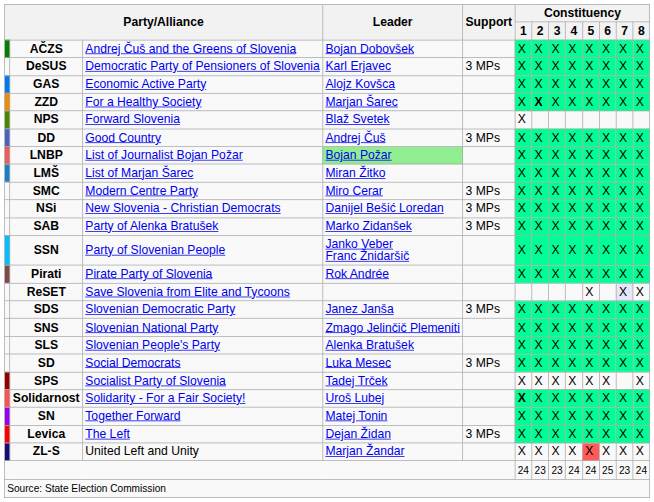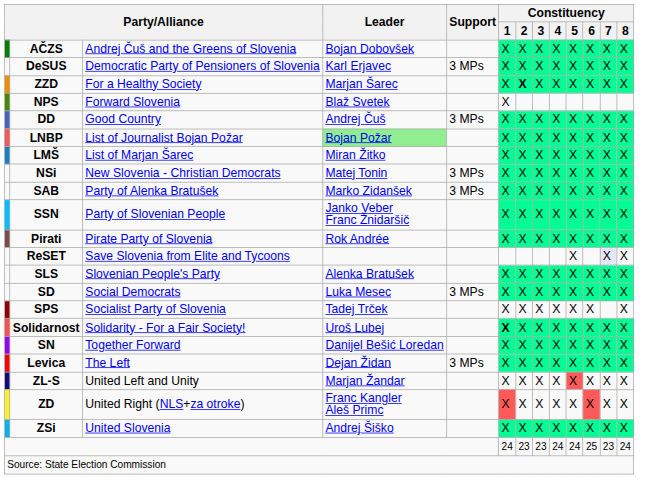 <table class="wikitable collapsible collapsed" style="line-height:16px;">
 <tr>
 <th colspan="3" rowspan="2">Party/Alliance</th>
 <th rowspan="2">Leader</th>
 <th rowspan="2">Support</th>
 <th colspan="8">Constituency</th>
 </tr>
 <tr>
 <th>1</th>
 <th>2</th>
 <th>3</th>
 <th>4</th>
 <th>5</th>
 <th>6</th>
 <th>7</th>
 <th>8</th>
 </tr>
 <tr>
 <td style="background:green"></td>
 <td style="text-align:center;"><strong>AČZS</strong></td>
 <td><a href='#'>Andrej Čuš and the Greens of Slovenia</a><br></td>
 <td><a href='#'>Bojan Dobovšek</a></td>
 <td></td>
 <td style="background:#00FE95">X</td>
 <td style="background:#00FE95">X</td>
 <td style="background:#00FE95">X</td>
 <td style="background:#00FE95">X</td>
 <td style="background:#00FE95">X</td>
 <td style="background:#00FE95">X</td>
 <td style="background:#00FE95">X</td>
 <td style="background:#00FE95">X</td>
 </tr>
 <tr>
 <td style="background:"></td>
 <td style="text-align:center;"><strong>DeSUS</strong></td>
 <td><a href='#'>Democratic Party of Pensioners of Slovenia</a><br></td>
 <td><a href='#'>Karl Erjavec</a></td>
 <td>3 MPs</td>
-<td style="background:#00FE95">X</td>
-<td style="background:#00FE95">X</td>
-<td style="background:#00FE95">X</td>
-<td style="background:#00FE95">X</td>
-<td style="background:#00FE95">X</td>
-<td style="background:#00FE95">X</td>
-<td style="background:#00FE95">X</td>
-<td style="background:#00FE95">X</td>
-</tr>
-<tr>
-<td style="background:#007bef"></td>
-<td style="text-align:center;"><strong>GAS</strong></td>
-<td><a href='#'>Economic Active Party</a><br></td>
-<td><a href='#'>Alojz Kovšca</a></td>
-<td></td>
 <td style="background:#00FE95">X</td>
 <td style="background:#00FE95">X</td>
 <td style="background:#00FE95">X</td>
 <td style="background:#00FE95">X</td>
 <td style="background:#00FE95">X</td>
 <td style="background:#00FE95">X</td>
 <td style="background:#00FE95">X</td>
 <td style="background:#00FE95">X</td>
 </tr>
 <tr>
 <td style="background:#ef8c00"></td>
 <td style="text-align:center;"><strong>ZZD</strong></td>
 <td><a href='#'>For a Healthy Society</a><br></td>
 <td><a href='#'>Marjan Šarec</a></td>
 <td></td>
 <td style="background:#00FE95">X</td>
 <td style="background:#00FE95"><strong>X</strong></td>
 <td style="background:#00FE95">X</td>
 <td style="background:#00FE95">X</td>
 <td style="background:#00FE95">X</td>
 <td style="background:#00FE95">X</td>
 <td style="background:#00FE95">X</td>
 <td style="background:#00FE95">X</td>
 </tr>
 <tr>
 <td style="background:#488700"></td>
 <td style="text-align:center;"><strong>NPS</strong></td>
 <td><a href='#'>Forward Slovenia</a><br></td>
 <td><a href='#'>Blaž Svetek</a></td>
 <td></td>
 <td>X</td>
 <td></td>
 <td></td>
 <td></td>
 <td></td>
 <td></td>
 <td></td>
 <td></td>
 </tr>
 <tr>
 <td style="background:#4961c1"></td>
 <td style="text-align:center;"><strong>DD</strong></td>
 <td><a href='#'>Good Country</a><br></td>
 <td><a href='#'>Andrej Čuš</a></td>
 <td>3 MPs</td>
 <td style="background:#00FE95">X</td>
 <td style="background:#00FE95">X</td>
 <td style="background:#00FE95">X</td>
 <td style="background:#00FE95">X</td>
 <td style="background:#00FE95">X</td>
 <td style="background:#00FE95">X</td>
 <td style="background:#00FE95">X</td>
 <td style="background:#00FE95">X</td>
 </tr>
 <tr>
 <td style="background:#f45858"></td>
 <td style="text-align:center;"><strong>LNBP</strong></td>
 <td><a href='#'>List of Journalist Bojan Požar</a><br></td>
 <td style="background: lightgreen;"><a href='#'>Bojan Požar</a></td>
 <td></td>
 <td style="background:#00FE95">X</td>
 <td style="background:#00FE95">X</td>
 <td style="background:#00FE95">X</td>
 <td style="background:#00FE95">X</td>
 <td style="background:#00FE95">X</td>
 <td style="background:#00FE95">X</td>
 <td style="background:#00FE95">X</td>
 <td style="background:#00FE95">X</td>
 </tr>
 <tr>
 <td style="background:#1980C7"></td>
 <td style="text-align:center;"><strong>LMŠ</strong></td>
 <td><a href='#'>List of Marjan Šarec</a><br></td>
 <td><a href='#'>Miran Žitko</a></td>
 <td></td>
 <td style="background:#00FE95">X</td>
 <td style="background:#00FE95">X</td>
 <td style="background:#00FE95">X</td>
 <td style="background:#00FE95">X</td>
 <td style="background:#00FE95">X</td>
 <td style="background:#00FE95">X</td>
 <td style="background:#00FE95">X</td>
 <td style="background:#00FE95">X</td>
 </tr>
 <tr>
 <td style="background:"></td>
-<td style="text-align:center;"><strong>SMC</strong></td>
-<td><a href='#'>Modern Centre Party</a><br></td>
-<td><a href='#'>Miro Cerar</a></td>
-<td>3 MPs</td>
-<td style="background:#00FE95">X</td>
-<td style="background:#00FE95">X</td>
-<td style="background:#00FE95">X</td>
-<td style="background:#00FE95">X</td>
-<td style="background:#00FE95">X</td>
-<td style="background:#00FE95">X</td>
-<td style="background:#00FE95">X</td>
-<td style="background:#00FE95">X</td>
-</tr>
-<tr>
-<td style="background:"></td>
 <td style="text-align:center;"><strong>NSi</strong></td>
 <td><a href='#'>New Slovenia - Christian Democrats</a><br></td>
-<td><a href='#'>Danijel Bešić Loredan</a></td>
+<td><a href='#'>Matej Tonin</a></td>
 <td>3 MPs</td>
 <td style="background:#00FE95">X</td>
 <td style="background:#00FE95">X</td>
 <td style="background:#00FE95">X</td>
 <td style="background:#00FE95">X</td>
 <td style="background:#00FE95">X</td>
 <td style="background:#00FE95">X</td>
 <td style="background:#00FE95">X</td>
 <td style="background:#00FE95">X</td>
 </tr>
 <tr>
 <td style="background:"></td>
 <td style="text-align:center;"><strong>SAB</strong></td>
 <td><a href='#'>Party of Alenka Bratušek</a><br></td>
 <td><a href='#'>Marko Zidanšek</a></td>
 <td>3 MPs</td>
 <td style="background:#00FE95">X</td>
 <td style="background:#00FE95">X</td>
 <td style="background:#00FE95">X</td>
 <td style="background:#00FE95">X</td>
 <td style="background:#00FE95">X</td>
 <td style="background:#00FE95">X</td>
 <td style="background:#00FE95">X</td>
 <td style="background:#00FE95">X</td>
 </tr>
 <tr>
 <td style="background:#00BFFF"></td>
 <td style="text-align:center;"><strong>SSN</strong></td>
 <td><a href='#'>Party of Slovenian People</a><br></td>
 <td><a href='#'>Janko Veber</a><br><a href='#'>Franc Žnidaršič</a></td>
 <td></td>
 <td style="background:#00FE95">X</td>
 <td style="background:#00FE95">X</td>
 <td style="background:#00FE95">X</td>
 <td style="background:#00FE95">X</td>
 <td style="background:#00FE95">X</td>
 <td style="background:#00FE95">X</td>
 <td style="background:#00FE95">X</td>
 <td style="background:#00FE95">X</td>
 </tr>
 <tr>
 <td style="background:#7D4A48"></td>
 <td style="text-align:center;"><strong>Pirati</strong></td>
 <td><a href='#'>Pirate Party of Slovenia</a><br></td>
 <td><a href='#'>Rok Andrée</a></td>
 <td></td>
 <td style="background:#00FE95">X</td>
 <td style="background:#00FE95">X</td>
 <td style="background:#00FE95">X</td>
 <td style="background:#00FE95">X</td>
 <td style="background:#00FE95">X</td>
 <td style="background:#00FE95">X</td>
 <td style="background:#00FE95">X</td>
 <td style="background:#00FE95">X</td>
 </tr>
 <tr>
 <td></td>
 <td style="text-align:center;"><strong>ReSET</strong></td>
 <td><a href='#'>Save Slovenia from Elite and Tycoons</a><br></td>
 <td></td>
 <td></td>
 <td></td>
 <td></td>
 <td></td>
 <td></td>
 <td>X</td>
 <td></td>
 <td style="background: lavender;">X</td>
 <td>X</td>
 </tr>
 <tr>
 <td style="background:"></td>
-<td style="text-align:center;"><strong>SDS</strong></td>
-<td><a href='#'>Slovenian Democratic Party</a><br></td>
-<td><a href='#'>Janez Janša</a></td>
-<td>3 MPs</td>
-<td style="background:#00FE95">X</td>
-<td style="background:#00FE95">X</td>
-<td style="background:#00FE95">X</td>
-<td style="background:#00FE95">X</td>
-<td style="background:#00FE95">X</td>
-<td style="background:#00FE95">X</td>
-<td style="background:#00FE95">X</td>
-<td style="background:#00FE95">X</td>
-</tr>
-<tr>
-<td style="background:"></td>
-<td style="text-align:center;"><strong>SNS</strong></td>
-<td><a href='#'>Slovenian National Party</a><br></td>
-<td><a href='#'>Zmago Jelinčič Plemeniti</a></td>
-<td></td>
-<td style="background:#00FE95">X</td>
-<td style="background:#00FE95">X</td>
-<td style="background:#00FE95">X</td>
-<td style="background:#00FE95">X</td>
-<td style="background:#00FE95">X</td>
-<td style="background:#00FE95">X</td>
-<td style="background:#00FE95">X</td>
-<td style="background:#00FE95">X</td>
-</tr>
-<tr>
-<td style="background:"></td>
 <td style="text-align:center;"><strong>SLS</strong></td>
 <td><a href='#'>Slovenian People's Party</a><br></td>
 <td><a href='#'>Alenka Bratušek</a></td>
 <td></td>
 <td style="background:#00FE95">X</td>
 <td style="background:#00FE95">X</td>
 <td style="background:#00FE95">X</td>
 <td style="background:#00FE95">X</td>
 <td style="background:#00FE95">X</td>
 <td style="background:#00FE95">X</td>
 <td style="background:#00FE95">X</td>
 <td style="background:#00FE95">X</td>
 </tr>
 <tr>
 <td style="background:"></td>
 <td style="text-align:center;"><strong>SD</strong></td>
 <td><a href='#'>Social Democrats</a><br></td>
 <td><a href='#'>Luka Mesec</a></td>
 <td>3 MPs</td>
 <td style="background:#00FE95">X</td>
 <td style="background:#00FE95">X</td>
 <td style="background:#00FE95">X</td>
 <td style="background:#00FE95">X</td>
 <td style="background:#00FE95">X</td>
 <td style="background:#00FE95">X</td>
 <td style="background:#00FE95">X</td>
 <td style="background:#00FE95">X</td>
 </tr>
 <tr>
 <td style="background:#950000"></td>
 <td style="text-align:center;"><strong>SPS</strong></td>
 <td><a href='#'>Socialist Party of Slovenia</a><br></td>
 <td><a href='#'>Tadej Trček</a></td>
 <td></td>
 <td>X</td>
 <td>X</td>
 <td>X</td>
 <td>X</td>
 <td>X</td>
 <td>X</td>
 <td></td>
 <td>X</td>
 </tr>
 <tr>
 <td style="background:#ff5151"></td>
 <td style="text-align:center;"><strong>Solidarnost</strong></td>
 <td><a href='#'>Solidarity - For a Fair Society!</a><br></td>
 <td><a href='#'>Uroš Lubej</a></td>
 <td></td>
 <td style="background:#00FE95"><strong>X</strong></td>
 <td style="background:#00FE95">X</td>
 <td style="background:#00FE95">X</td>
 <td style="background:#00FE95">X</td>
 <td style="background:#00FE95">X</td>
 <td style="background:#00FE95">X</td>
 <td style="background:#00FE95">X</td>
 <td style="background:#00FE95">X</td>
 </tr>
 <tr>
 <td style="background:#9800ef"></td>
 <td style="text-align:center;"><strong>SN</strong></td>
 <td><a href='#'>Together Forward</a><br></td>
-<td><a href='#'>Matej Tonin</a></td>
+<td><a href='#'>Danijel Bešić Loredan</a></td>
 <td></td>
 <td style="background:#00FE95">X</td>
 <td style="background:#00FE95">X</td>
 <td style="background:#00FE95">X</td>
 <td style="background:#00FE95">X</td>
 <td style="background:#00FE95">X</td>
 <td style="background:#00FE95">X</td>
 <td style="background:#00FE95">X</td>
 <td style="background:#00FE95">X</td>
 </tr>
 <tr>
 <td style="background:red"></td>
 <td style="text-align:center;"><strong>Levica</strong></td>
 <td><a href='#'>The Left</a><br></td>
 <td><a href='#'>Dejan Židan</a></td>
 <td>3 MPs</td>
 <td style="background:#00FE95">X</td>
 <td style="background:#00FE95">X</td>
 <td style="background:#00FE95">X</td>
 <td style="background:#00FE95">X</td>
 <td style="background:#00FE95">X</td>
 <td style="background:#00FE95">X</td>
 <td style="background:#00FE95">X</td>
 <td style="background:#00FE95">X</td>
 </tr>
 <tr>
 <td style="background:#150c7c"></td>
 <td style="text-align:center;"><strong>ZL-S</strong></td>
 <td>United Left and Unity<br></td>
 <td><a href='#'>Marjan Žandar</a></td>
 <td></td>
 <td>X</td>
 <td>X</td>
 <td>X</td>
 <td>X</td>
 <td style="background:#ff5959">X</td>
 <td>X</td>
 <td>X</td>
 <td>X</td>
 </tr>
 <tr>
+<td style="background:#FEEF2C"></td>
+<td style="text-align:center;"><strong>ZD</strong></td>
+<td>United Right (<a href='#'>NLS</a>+<a href='#'>za otroke</a>)<br></td>
+<td><a href='#'>Franc Kangler</a><br><a href='#'>Aleš Primc</a></td>
+<td></td>
+<td style="background:#ff5959">X</td>
+<td>X</td>
+<td>X</td>
+<td>X</td>
+<td>X</td>
+<td style="background:#ff5959">X</td>
+<td>X</td>
+<td>X</td>
+</tr>
+<tr>
+<td style="background:#00b3ef"></td>
+<td style="text-align:center;"><strong>ZSi</strong></td>
+<td><a href='#'>United Slovenia</a><br></td>
+<td><a href='#'>Andrej Šiško</a></td>
+<td></td>
+<td style="background:#00FE95">X</td>
+<td style="background:#00FE95">X</td>
+<td style="background:#00FE95">X</td>
+<td style="background:#00FE95">X</td>
+<td style="background:#00FE95">X</td>
+<td style="background:#00FE95">X</td>
+<td style="background:#00FE95">X</td>
+<td style="background:#00FE95">X</td>
+</tr>
+<tr>
 <td colspan="5"></td>
 <td><small>24</small></td>
 <td><small>23</small></td>
 <td><small>23</small></td>
 <td><small>24</small></td>
 <td><small>24</small></td>
 <td><small>25</small></td>
 <td><small>23</small></td>
 <td><small>24</small></td>
 </tr>
 <tr>
 <td colspan="13"><small>Source: State Election Commission</small></td>
 </tr>
 </table>
